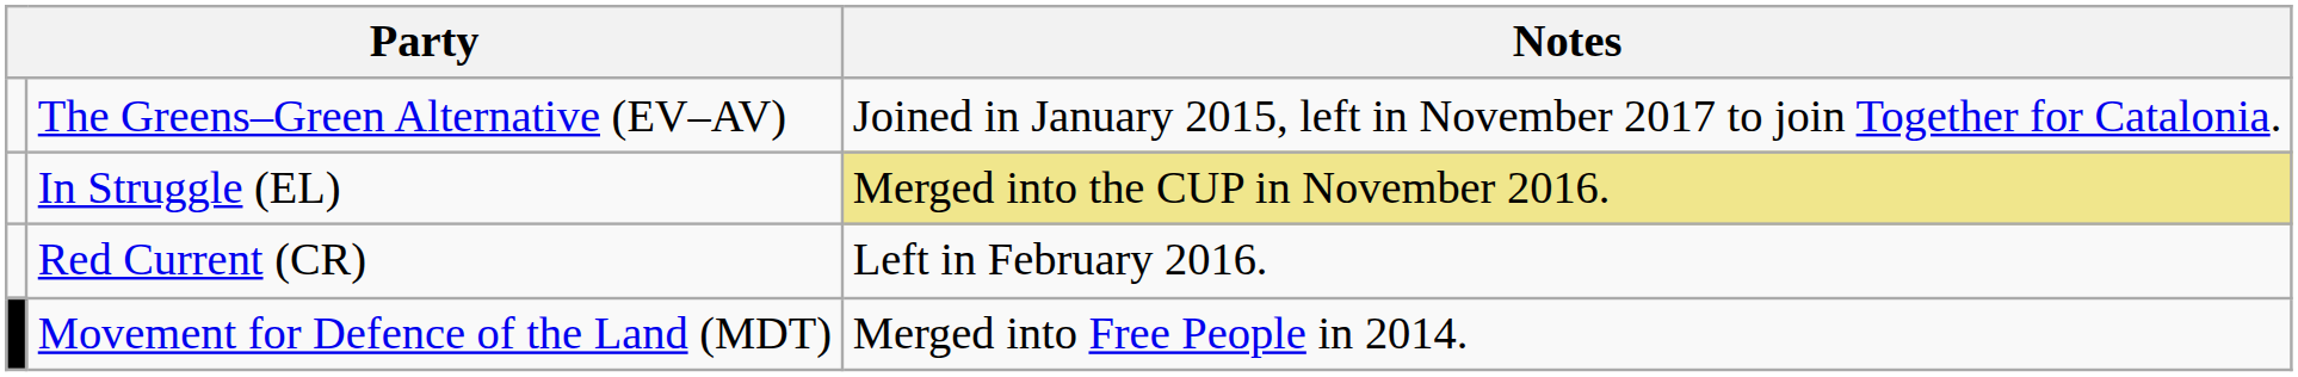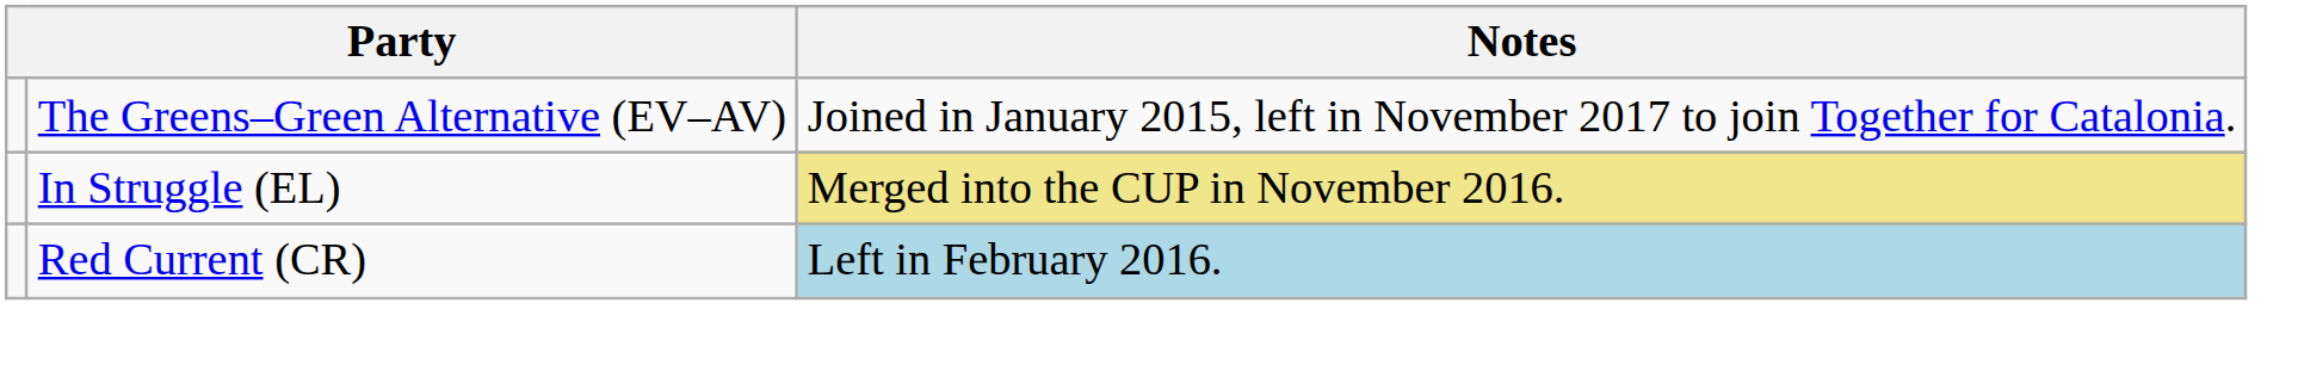 <table class="wikitable" style="text-align:left; font-size:100%;">
 <tr>
 <th colspan="2">Party</th>
 <th>Notes</th>
 </tr>
 <tr>
 <td></td>
 <td><a href='#'>The Greens–Green Alternative</a> (EV–AV)</td>
 <td>Joined in January 2015, left in November 2017 to join <a href='#'>Together for Catalonia</a>.</td>
 </tr>
 <tr>
 <td></td>
 <td><a href='#'>In Struggle</a> (EL)</td>
 <td style="background: khaki;">Merged into the CUP in November 2016.</td>
 </tr>
 <tr>
 <td></td>
 <td><a href='#'>Red Current</a> (CR)</td>
-<td>Left in February 2016.</td>
-</tr>
-<tr>
-<td bgcolor="black"></td>
-<td><a href='#'>Movement for Defence of the Land</a> (MDT)</td>
-<td>Merged into <a href='#'>Free People</a> in 2014.</td>
+<td style="background: lightblue;">Left in February 2016.</td>
 </tr>
 </table>
